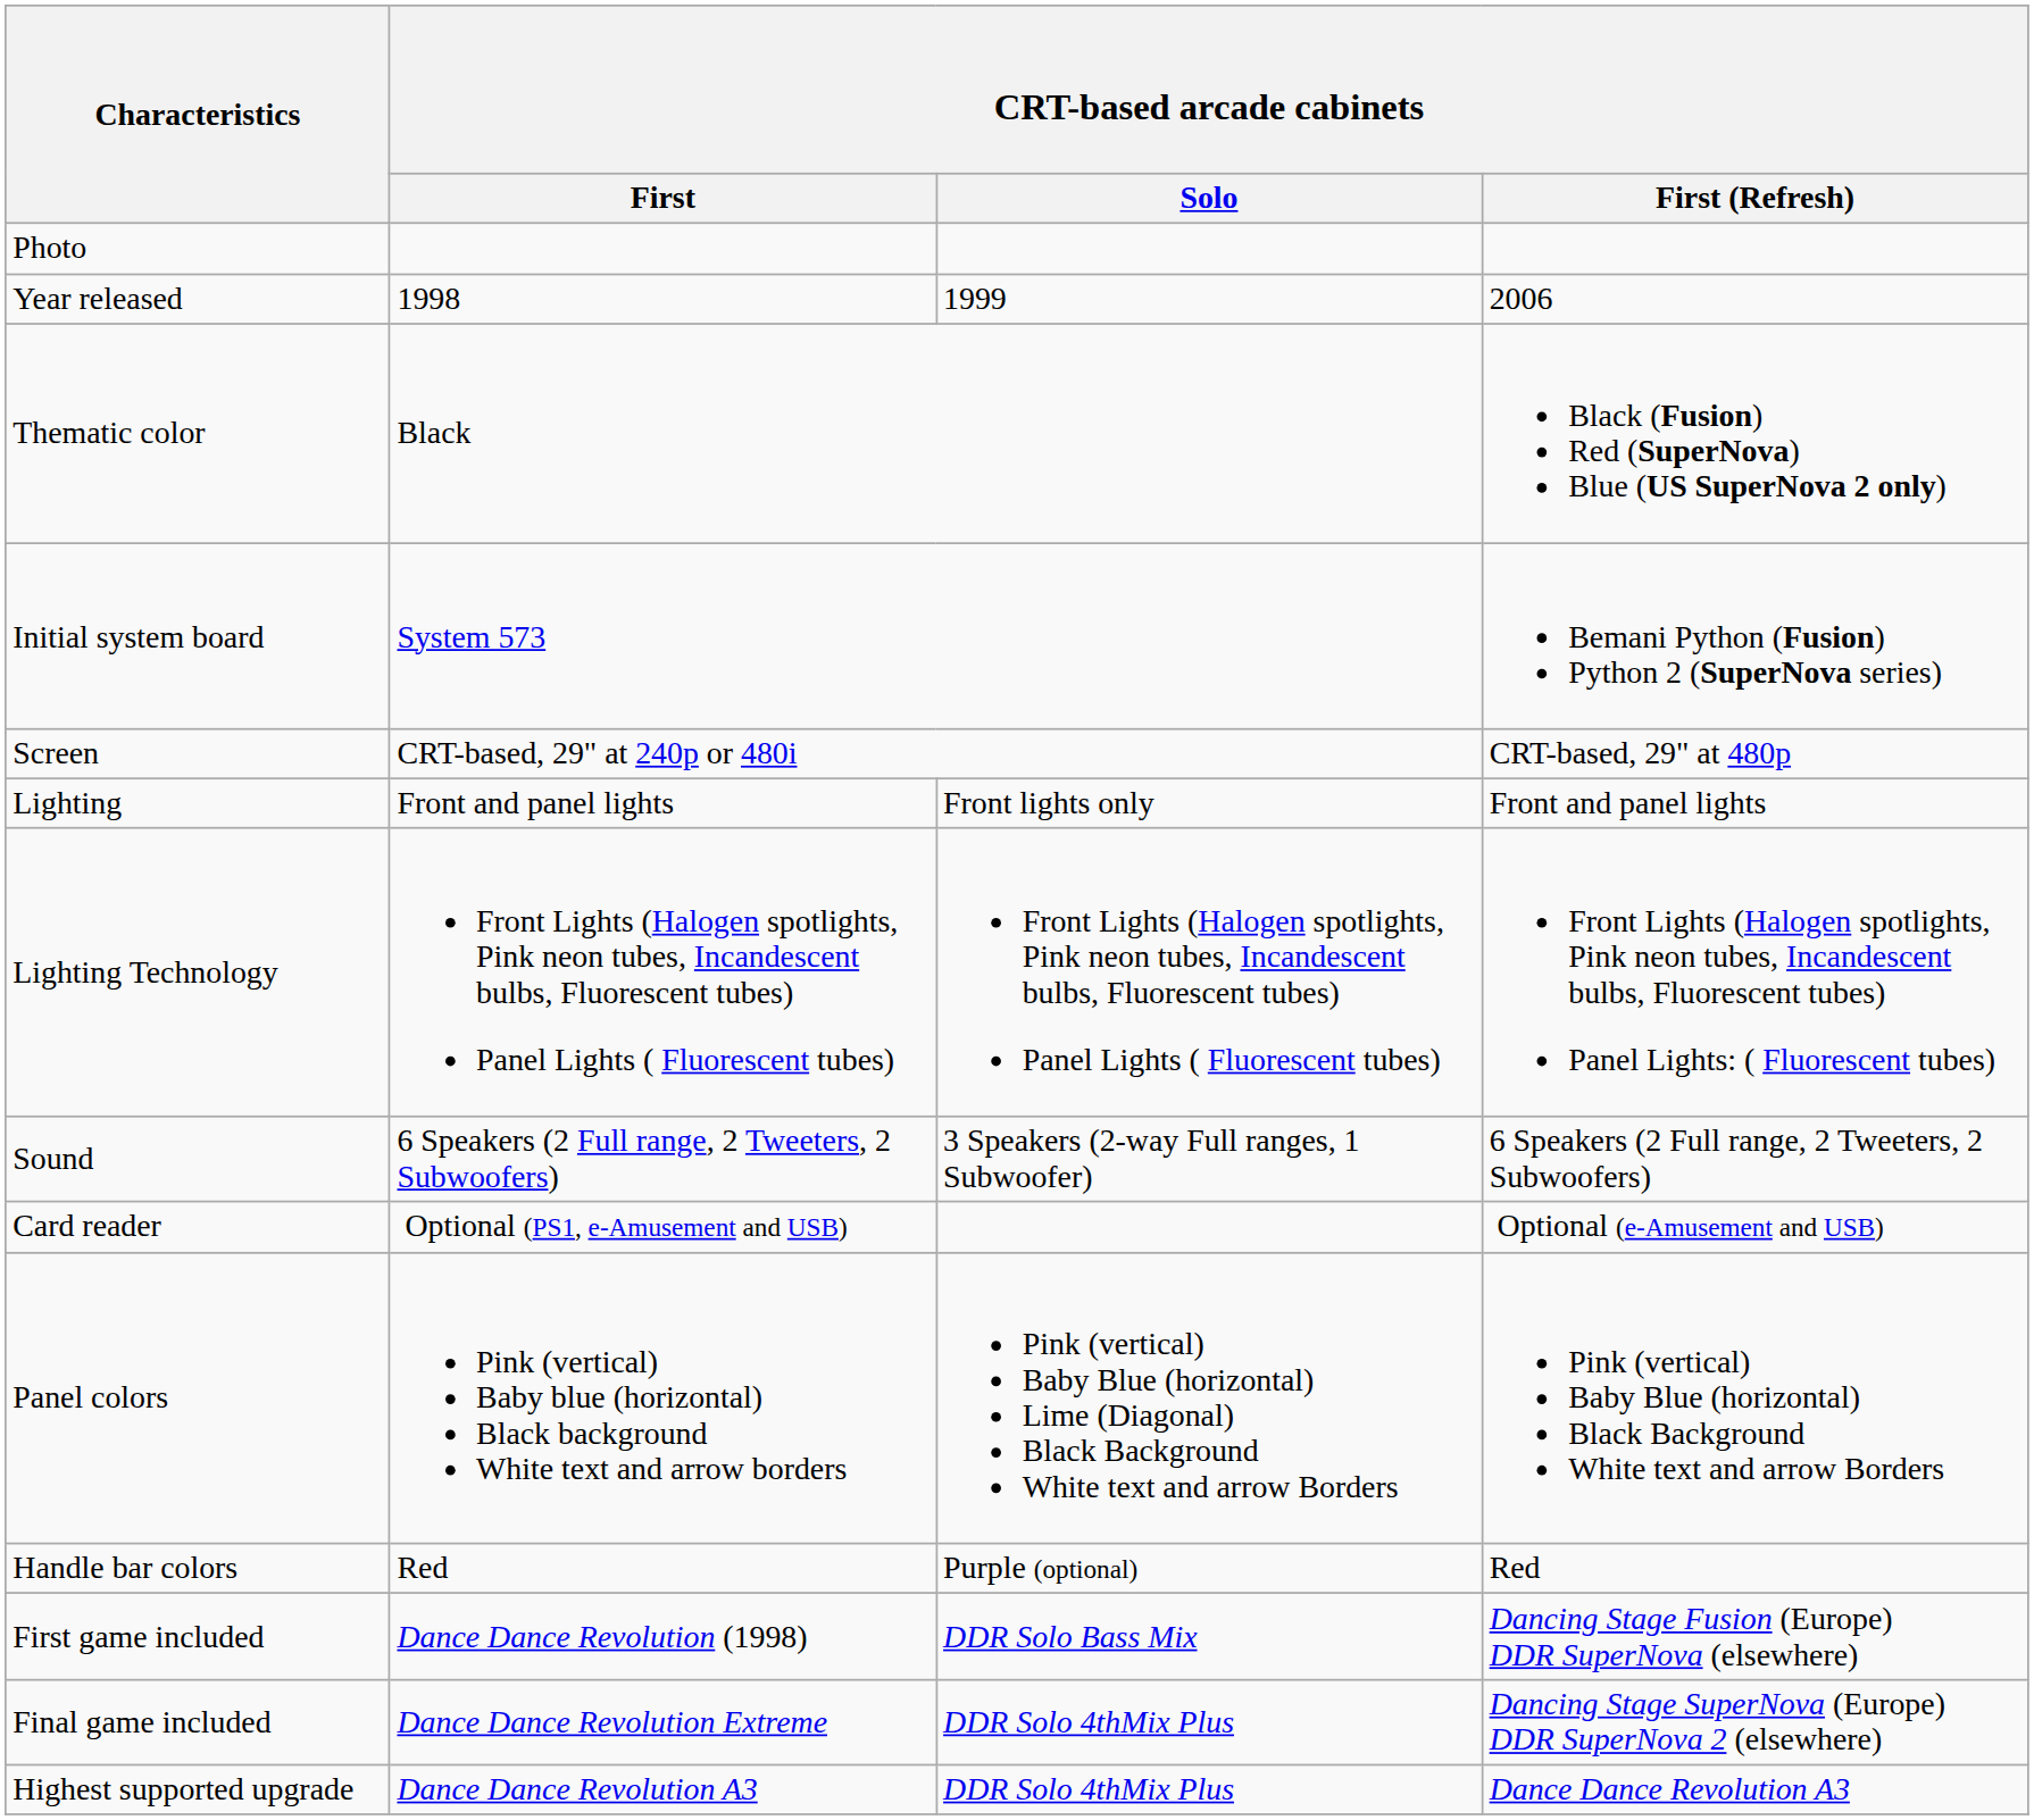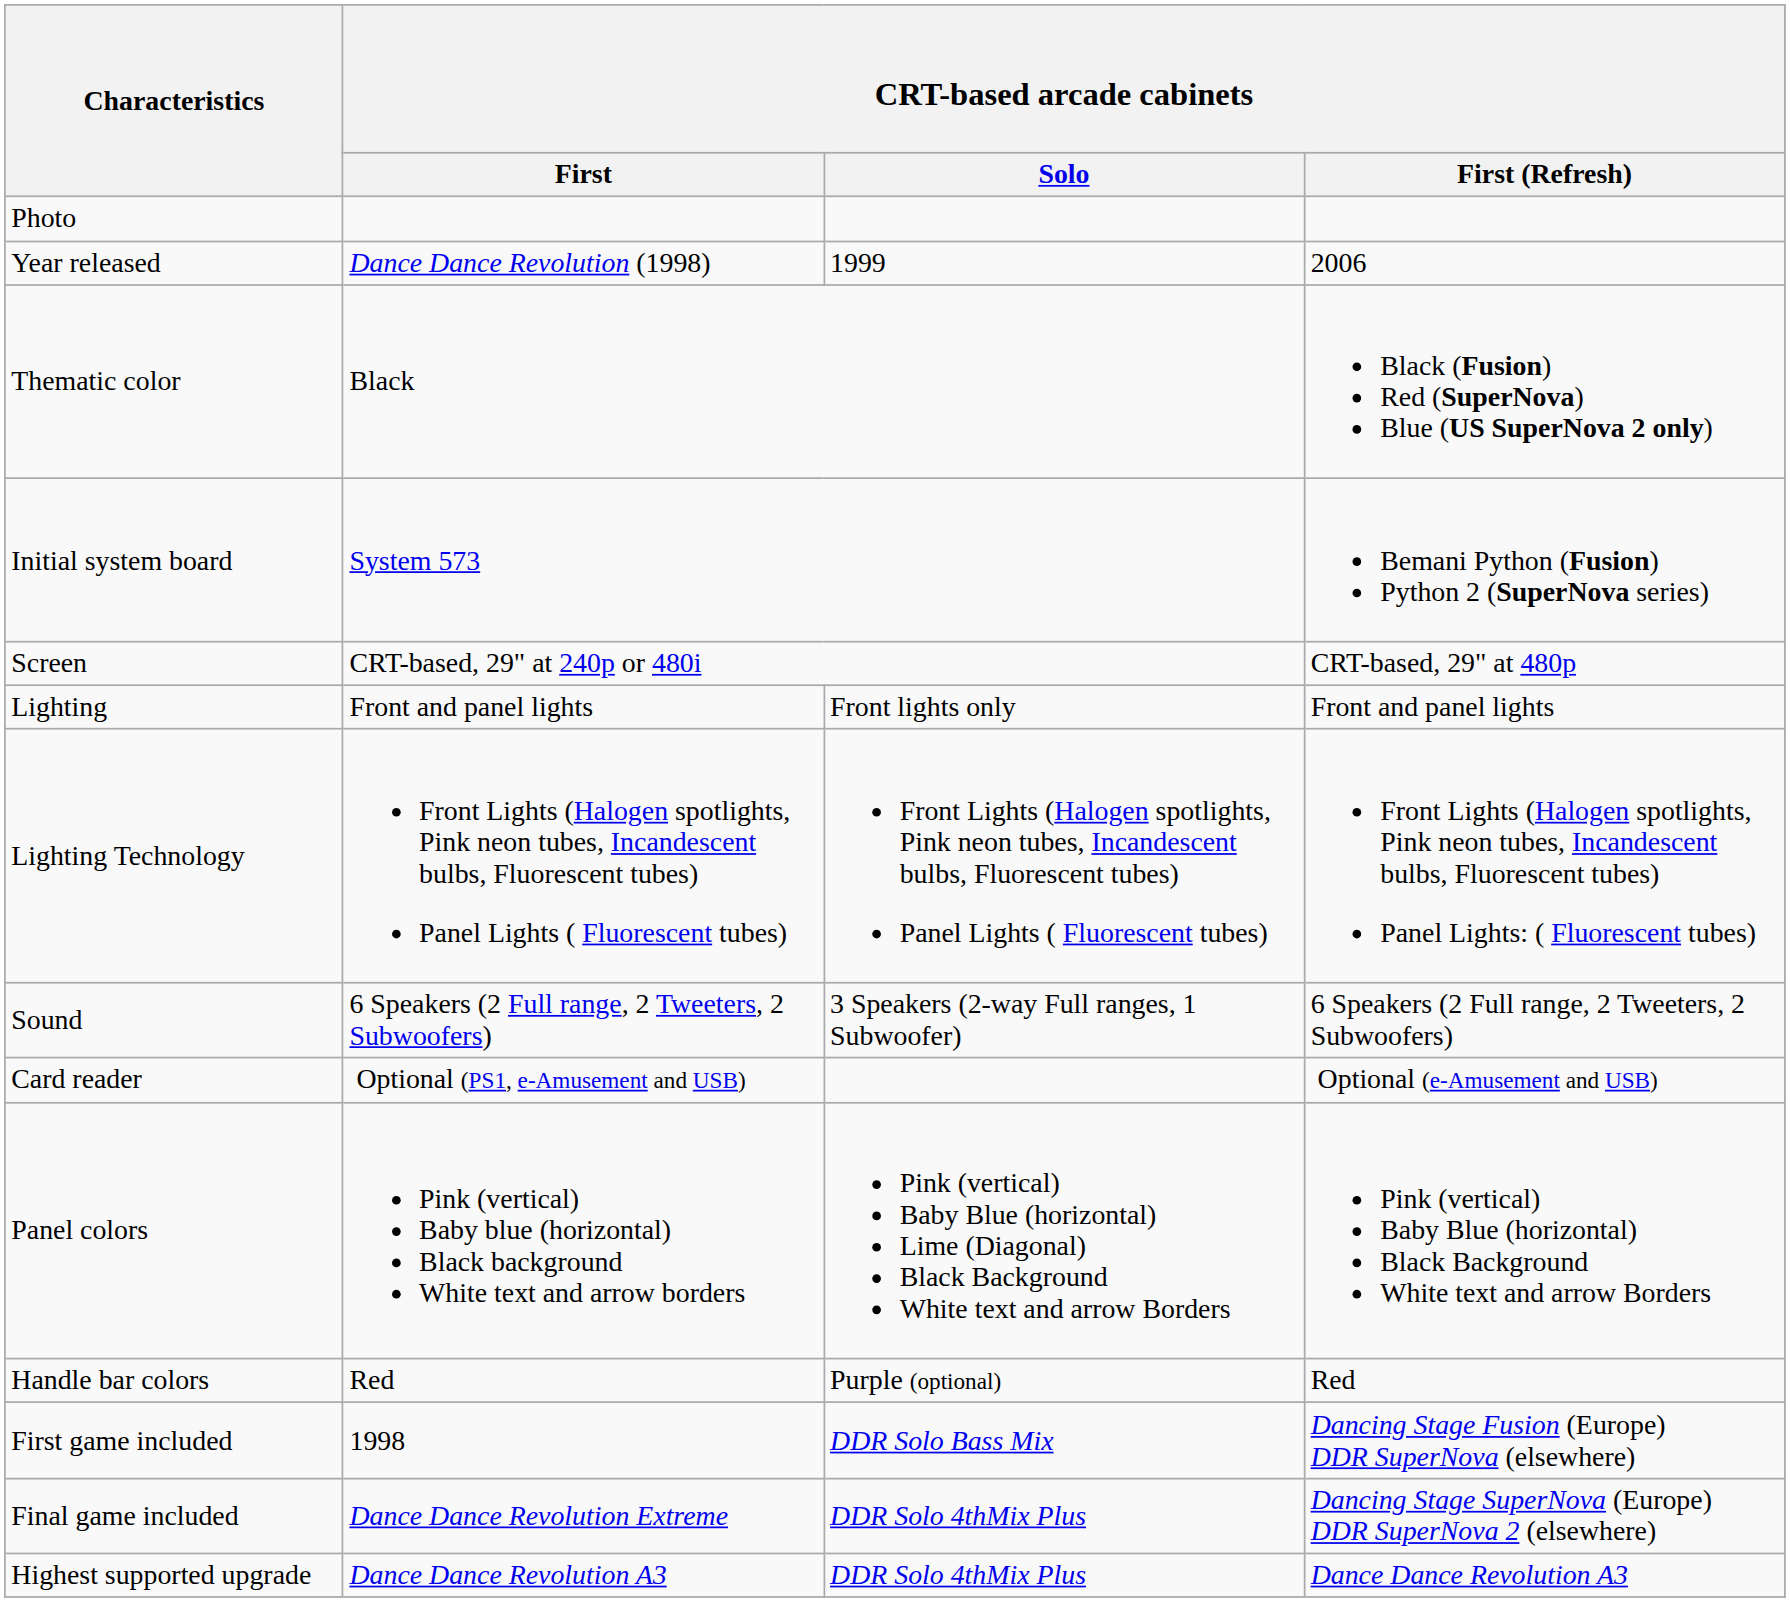 <table class="wikitable" style="width: 1024px;">
 <tr>
 <th rowspan="2" style="width: 19%;">Characteristics</th>
 <th colspan=5><br><h3>CRT-based arcade cabinets</h3></th>
 </tr>
 <tr>
 <th style="width: 27%;">First</th>
 <th style="width: 27%;"><a href='#'>Solo</a></th>
 <th style="width: 27%;">First (Refresh)</th>
 </tr>
 <tr>
 <td>Photo</td>
 <td></td>
 <td></td>
 <td></td>
 </tr>
 <tr>
 <td>Year released</td>
-<td>1998</td>
+<td><em><a href='#'>Dance Dance Revolution</a></em> (1998)</td>
 <td>1999</td>
 <td>2006</td>
 </tr>
 <tr>
 <td>Thematic color</td>
 <td colspan="2">Black</td>
 <td><br><ul><li>Black (<strong>Fusion</strong>)</li><li>Red (<strong>SuperNova</strong>)</li><li>Blue (<strong>US SuperNova 2 only</strong>)</li></ul></td>
 </tr>
 <tr>
 <td>Initial system board</td>
 <td colspan="2"><a href='#'>System 573</a></td>
 <td><br><ul><li>Bemani Python (<strong>Fusion</strong>)</li><li>Python 2 (<strong>SuperNova</strong> series)</li></ul></td>
 </tr>
 <tr>
 <td>Screen</td>
 <td colspan="2">CRT-based, 29" at <a href='#'>240p</a> or <a href='#'>480i</a> </td>
 <td>CRT-based, 29" at <a href='#'>480p</a></td>
 </tr>
 <tr>
 <td>Lighting</td>
 <td> Front and panel lights</td>
 <td> Front lights only</td>
 <td> Front and panel lights</td>
 </tr>
 <tr>
 <td>Lighting Technology</td>
 <td><br><ul><li>Front Lights (<a href='#'>Halogen</a> spotlights, Pink neon tubes, <a href='#'>Incandescent</a> bulbs, Fluorescent tubes)</li></ul><ul><li>Panel Lights ( <a href='#'>Fluorescent</a> tubes)</li></ul></td>
 <td><br><ul><li>Front Lights (<a href='#'>Halogen</a> spotlights, Pink neon tubes, <a href='#'>Incandescent</a> bulbs, Fluorescent tubes)</li></ul><ul><li>Panel Lights ( <a href='#'>Fluorescent</a> tubes)</li></ul></td>
 <td><br><ul><li>Front Lights (<a href='#'>Halogen</a> spotlights, Pink neon tubes, <a href='#'>Incandescent</a> bulbs, Fluorescent tubes)</li></ul><ul><li>Panel Lights: ( <a href='#'>Fluorescent</a> tubes)</li></ul></td>
 </tr>
 <tr>
 <td>Sound</td>
 <td>6 Speakers (2 <a href='#'>Full range</a>, 2 <a href='#'>Tweeters</a>, 2 <a href='#'>Subwoofers</a>)</td>
 <td>3 Speakers (2-way Full ranges, 1 Subwoofer)</td>
 <td>6 Speakers (2 Full range, 2 Tweeters, 2 Subwoofers)</td>
 </tr>
 <tr>
 <td>Card reader </td>
 <td> Optional <small>(<a href='#'>PS1</a>, <a href='#'>e-Amusement</a> and <a href='#'>USB</a>)</small></td>
 <td></td>
 <td> Optional <small>(<a href='#'>e-Amusement</a> and <a href='#'>USB</a>)</small></td>
 </tr>
 <tr>
 <td>Panel colors</td>
 <td><br><ul><li>Pink (vertical)</li><li>Baby blue (horizontal)</li><li>Black background</li><li>White text and arrow borders</li></ul></td>
 <td><br><ul><li>Pink (vertical)</li><li>Baby Blue (horizontal)</li><li>Lime (Diagonal)</li><li>Black Background</li><li>White text and arrow Borders</li></ul></td>
 <td><br><ul><li>Pink (vertical)</li><li>Baby Blue (horizontal)</li><li>Black Background</li><li>White text and arrow Borders</li></ul></td>
 </tr>
 <tr>
 <td>Handle bar colors</td>
 <td>Red</td>
 <td>Purple <small>(optional)</small></td>
 <td>Red</td>
 </tr>
 <tr>
 <td>First game included</td>
-<td><em><a href='#'>Dance Dance Revolution</a></em> (1998)</td>
+<td>1998</td>
 <td><em><a href='#'>DDR Solo Bass Mix</a></em></td>
 <td><em><a href='#'>Dancing Stage Fusion</a></em> (Europe)<br><em><a href='#'>DDR SuperNova</a></em> (elsewhere)</td>
 </tr>
 <tr>
 <td>Final game included</td>
 <td><em><a href='#'>Dance Dance Revolution Extreme</a></em></td>
 <td><em><a href='#'>DDR Solo 4thMix Plus</a></em></td>
 <td><em><a href='#'>Dancing Stage SuperNova</a></em> (Europe)<br><em><a href='#'>DDR SuperNova 2</a></em> (elsewhere)</td>
 </tr>
 <tr>
 <td>Highest supported upgrade</td>
 <td><em><a href='#'>Dance Dance Revolution A3</a></em> </td>
 <td><em><a href='#'>DDR Solo 4thMix Plus</a></em> </td>
 <td><em><a href='#'>Dance Dance Revolution A3</a></em> </td>
 </tr>
 </table>
